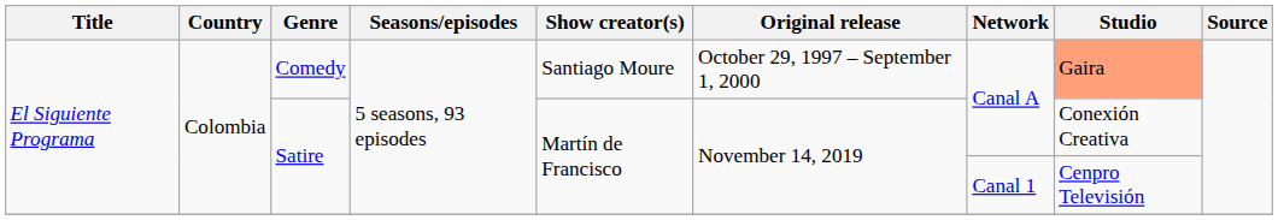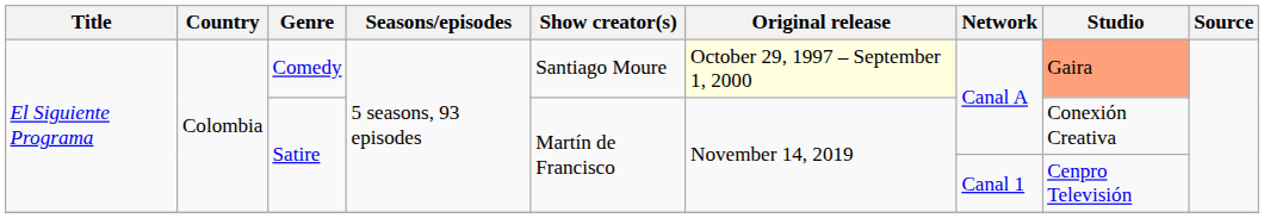 <table class="wikitable sortable" style="text-align: left; font-size:90%; width:100%;">
 <tr>
 <th scope="col">Title</th>
 <th scope="col">Country</th>
 <th scope="col">Genre</th>
 <th scope="col">Seasons/episodes</th>
 <th scope="col">Show creator(s)</th>
 <th scope="col">Original release</th>
 <th scope="col">Network</th>
 <th scope="col">Studio</th>
 <th scope= "col">Source</th>
 </tr>
 <tr>
 <td rowspan="3"><em><a href='#'>El Siguiente Programa</a></em></td>
 <td rowspan="3">Colombia</td>
 <td><a href='#'>Comedy</a></td>
 <td rowspan="3">5 seasons, 93 episodes</td>
 <td>Santiago Moure</td>
-<td>October 29, 1997 – September 1, 2000</td>
+<td style="background: lightyellow;">October 29, 1997 – September 1, 2000</td>
 <td rowspan="2"><a href='#'>Canal A</a></td>
 <td style="background: lightsalmon;">Gaira</td>
 <td rowspan="3"></td>
 </tr>
 <tr>
 <td rowspan="2"><a href='#'>Satire</a></td>
 <td rowspan="2">Martín de Francisco</td>
 <td rowspan="2">November 14, 2019</td>
 <td>Conexión Creativa</td>
 </tr>
 <tr>
 <td><a href='#'>Canal 1</a></td>
 <td><a href='#'>Cenpro Televisión</a></td>
 </tr>
 <tr>
 </tr>
 </table>
